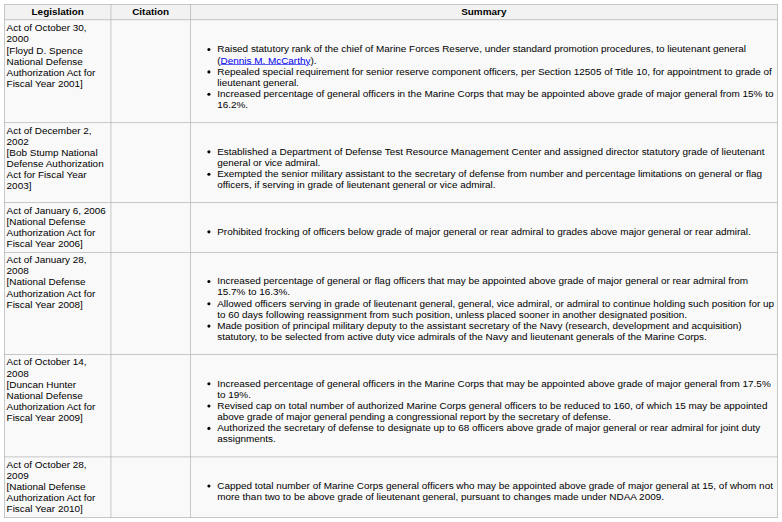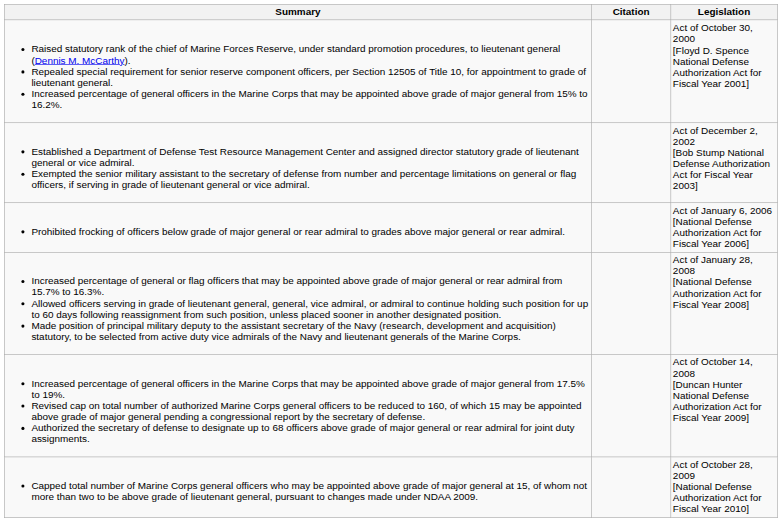 <table class="wikitable">
 <tr>
+<th scope="col" class="unsortable">Summary</th>
+<th scope="col" width = 120>Citation</th>
 <th scope="col" width = 165>Legislation</th>
-<th scope="col" width = 120>Citation</th>
-<th scope="col" class="unsortable">Summary</th>
 </tr>
 <tr style="vertical-align: top;">
+<td><br><ul><li>Raised statutory rank of the chief of Marine Forces Reserve, under standard promotion procedures, to lieutenant general (<a href='#'>Dennis M. McCarthy</a>).</li><li>Repealed special requirement for senior reserve component officers, per Section 12505 of Title 10, for appointment to grade of lieutenant general.</li><li>Increased percentage of general officers in the Marine Corps that may be appointed above grade of major general from 15% to 16.2%.</li></ul></td>
+<td> <br> <br> </td>
 <td>Act of October 30, 2000<br>[Floyd D. Spence National Defense Authorization Act for Fiscal Year 2001]</td>
-<td> <br> <br> </td>
-<td><br><ul><li>Raised statutory rank of the chief of Marine Forces Reserve, under standard promotion procedures, to lieutenant general (<a href='#'>Dennis M. McCarthy</a>).</li><li>Repealed special requirement for senior reserve component officers, per Section 12505 of Title 10, for appointment to grade of lieutenant general.</li><li>Increased percentage of general officers in the Marine Corps that may be appointed above grade of major general from 15% to 16.2%.</li></ul></td>
 </tr>
 <tr style="vertical-align: top;">
+<td><br><ul><li>Established a Department of Defense Test Resource Management Center and assigned director statutory grade of lieutenant general or vice admiral.</li><li>Exempted the senior military assistant to the secretary of defense from number and percentage limitations on general or flag officers, if serving in grade of lieutenant general or vice admiral.</li></ul></td>
+<td> <br> </td>
 <td>Act of December 2, 2002<br>[Bob Stump National Defense Authorization Act for Fiscal Year 2003]</td>
-<td> <br> </td>
-<td><br><ul><li>Established a Department of Defense Test Resource Management Center and assigned director statutory grade of lieutenant general or vice admiral.</li><li>Exempted the senior military assistant to the secretary of defense from number and percentage limitations on general or flag officers, if serving in grade of lieutenant general or vice admiral.</li></ul></td>
 </tr>
 <tr style="vertical-align: top;">
+<td><br><ul><li>Prohibited frocking of officers below grade of major general or rear admiral to grades above major general or rear admiral.</li></ul></td>
+<td> </td>
 <td>Act of January 6, 2006<br>[National Defense Authorization Act for Fiscal Year 2006]</td>
-<td> </td>
-<td><br><ul><li>Prohibited frocking of officers below grade of major general or rear admiral to grades above major general or rear admiral.</li></ul></td>
 </tr>
 <tr style="vertical-align: top;">
+<td><br><ul><li>Increased percentage of general or flag officers that may be appointed above grade of major general or rear admiral from 15.7% to 16.3%.</li><li>Allowed officers serving in grade of lieutenant general, general, vice admiral, or admiral to continue holding such position for up to 60 days following reassignment from such position, unless placed sooner in another designated position.</li><li>Made position of principal military deputy to the assistant secretary of the Navy (research, development and acquisition) statutory, to be selected from active duty vice admirals of the Navy and lieutenant generals of the Marine Corps.</li></ul></td>
+<td> <br> <br> </td>
 <td>Act of January 28, 2008<br>[National Defense Authorization Act for Fiscal Year 2008]</td>
-<td> <br> <br> </td>
-<td><br><ul><li>Increased percentage of general or flag officers that may be appointed above grade of major general or rear admiral from 15.7% to 16.3%.</li><li>Allowed officers serving in grade of lieutenant general, general, vice admiral, or admiral to continue holding such position for up to 60 days following reassignment from such position, unless placed sooner in another designated position.</li><li>Made position of principal military deputy to the assistant secretary of the Navy (research, development and acquisition) statutory, to be selected from active duty vice admirals of the Navy and lieutenant generals of the Marine Corps.</li></ul></td>
 </tr>
 <tr style="vertical-align: top;">
+<td><br><ul><li>Increased percentage of general officers in the Marine Corps that may be appointed above grade of major general from 17.5% to 19%.</li><li>Revised cap on total number of authorized Marine Corps general officers to be reduced to 160, of which 15 may be appointed above grade of major general pending a congressional report by the secretary of defense.</li><li>Authorized the secretary of defense to designate up to 68 officers above grade of major general or rear admiral for joint duty assignments.</li></ul></td>
+<td> <br> <br> </td>
 <td>Act of October 14, 2008<br>[Duncan Hunter National Defense Authorization Act for Fiscal Year 2009]</td>
-<td> <br> <br> </td>
-<td><br><ul><li>Increased percentage of general officers in the Marine Corps that may be appointed above grade of major general from 17.5% to 19%.</li><li>Revised cap on total number of authorized Marine Corps general officers to be reduced to 160, of which 15 may be appointed above grade of major general pending a congressional report by the secretary of defense.</li><li>Authorized the secretary of defense to designate up to 68 officers above grade of major general or rear admiral for joint duty assignments.</li></ul></td>
 </tr>
 <tr style="vertical-align: top;">
+<td><br><ul><li>Capped total number of Marine Corps general officers who may be appointed above grade of major general at 15, of whom not more than two to be above grade of lieutenant general, pursuant to changes made under NDAA 2009.</li></ul></td>
+<td> </td>
 <td>Act of October 28, 2009<br>[National Defense Authorization Act for Fiscal Year 2010]</td>
-<td> </td>
-<td><br><ul><li>Capped total number of Marine Corps general officers who may be appointed above grade of major general at 15, of whom not more than two to be above grade of lieutenant general, pursuant to changes made under NDAA 2009.</li></ul></td>
 </tr>
 </table>
